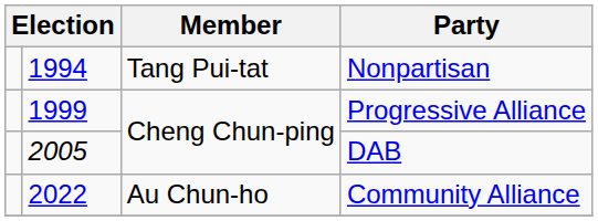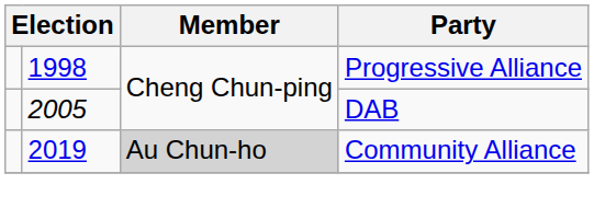 <table class="wikitable">
 <tr>
 <th colspan="2">Election</th>
 <th>Member</th>
 <th>Party</th>
 </tr>
 <tr>
 <td style="color:inherit;background:"></td>
-<td><a href='#'>1994</a></td>
-<td>Tang Pui-tat</td>
-<td><a href='#'>Nonpartisan</a></td>
-</tr>
-<tr>
-<td style="color:inherit;background:"></td>
-<td><a href='#'>1999</a></td>
+<td><a href='#'>1998</a></td>
 <td rowspan=2>Cheng Chun-ping</td>
 <td><a href='#'>Progressive Alliance</a></td>
 </tr>
 <tr>
 <td style="color:inherit;background:"></td>
 <td><em>2005</em></td>
 <td><a href='#'>DAB</a></td>
 </tr>
 <tr>
 <td style="color:inherit;background:"></td>
-<td><a href='#'>2022</a></td>
-<td>Au Chun-ho</td>
+<td><a href='#'>2019</a></td>
+<td style="background: lightgrey;">Au Chun-ho</td>
 <td><a href='#'>Community Alliance</a></td>
 </tr>
 <tr>
 </tr>
 </table>
